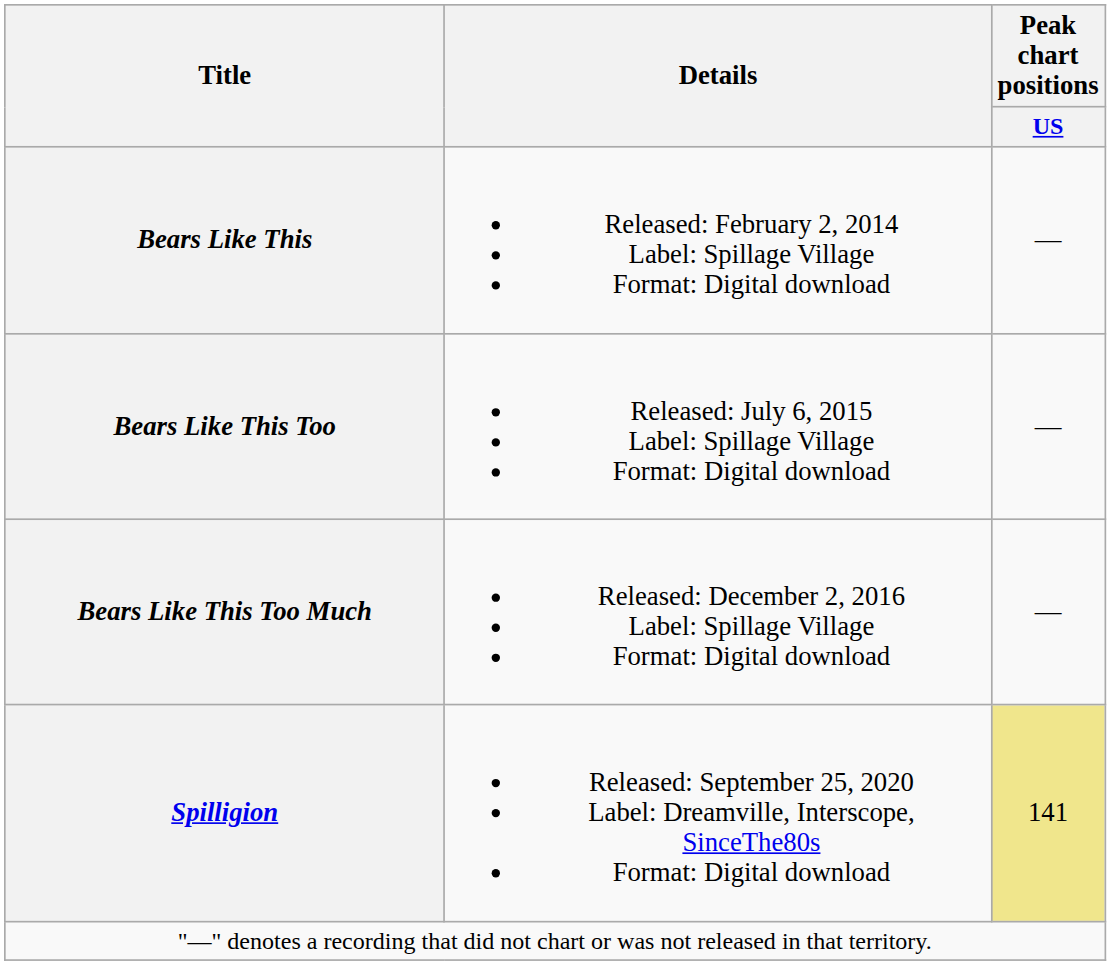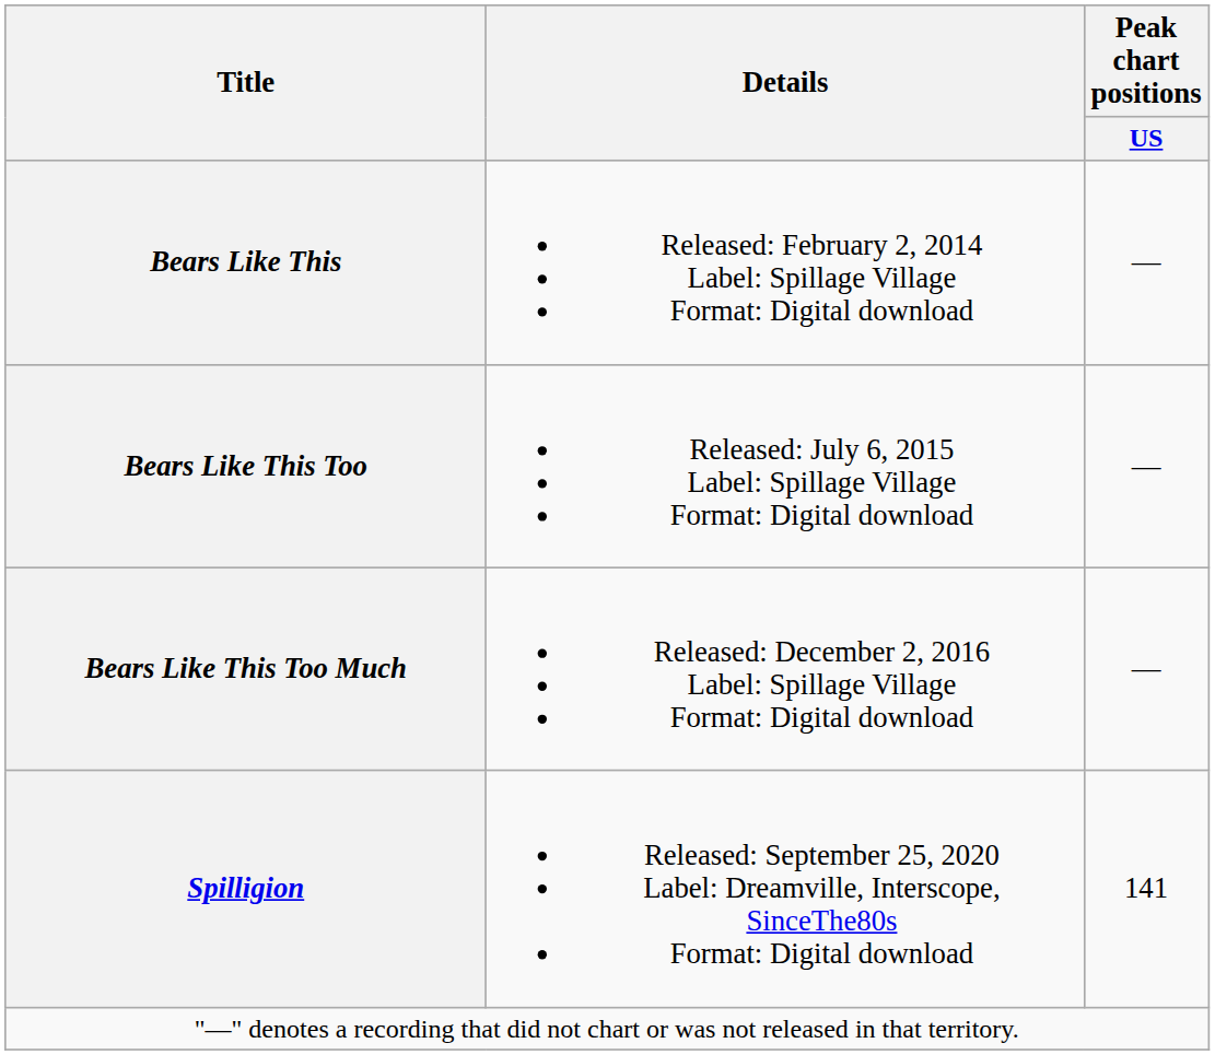 <table class="wikitable plainrowheaders" style="text-align:center;">
 <tr>
 <th scope="col" rowspan="2" style="width:16em;">Title</th>
 <th scope="col" rowspan="2" style="width:20em;">Details</th>
 <th scope="col" colspan="1">Peak chart positions</th>
 </tr>
 <tr>
 <th scope="col" style="width:3em;font-size:90%;"><a href='#'>US</a><br></th>
 </tr>
 <tr>
 <th scope="row"><em>Bears Like This</em><br></th>
 <td><br><ul><li>Released: February 2, 2014</li><li>Label: Spillage Village</li><li>Format: Digital download</li></ul></td>
 <td>—</td>
 </tr>
 <tr>
 <th scope="row"><em>Bears Like This Too</em><br></th>
 <td><br><ul><li>Released: July 6, 2015</li><li>Label: Spillage Village</li><li>Format: Digital download</li></ul></td>
 <td>—</td>
 </tr>
 <tr>
 <th scope="row"><em>Bears Like This Too Much</em><br></th>
 <td><br><ul><li>Released: December 2, 2016</li><li>Label: Spillage Village</li><li>Format: Digital download</li></ul></td>
 <td>—</td>
 </tr>
 <tr>
 <th scope="row"><em><a href='#'>Spilligion</a></em><br></th>
 <td><br><ul><li>Released: September 25, 2020</li><li>Label: Dreamville, Interscope, <a href='#'>SinceThe80s</a></li><li>Format: Digital download</li></ul></td>
-<td style="background: khaki;">141</td>
+<td>141</td>
 </tr>
 <tr>
 <td colspan="14" style="font-size:90%">"—" denotes a recording that did not chart or was not released in that territory.</td>
 </tr>
 </table>
